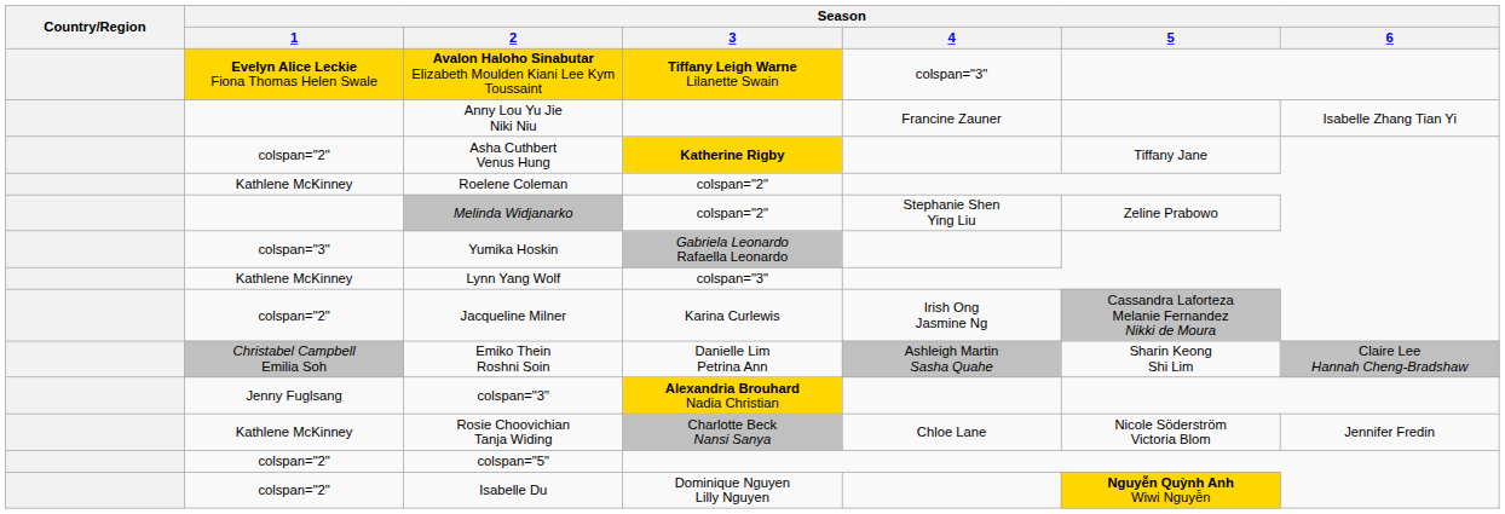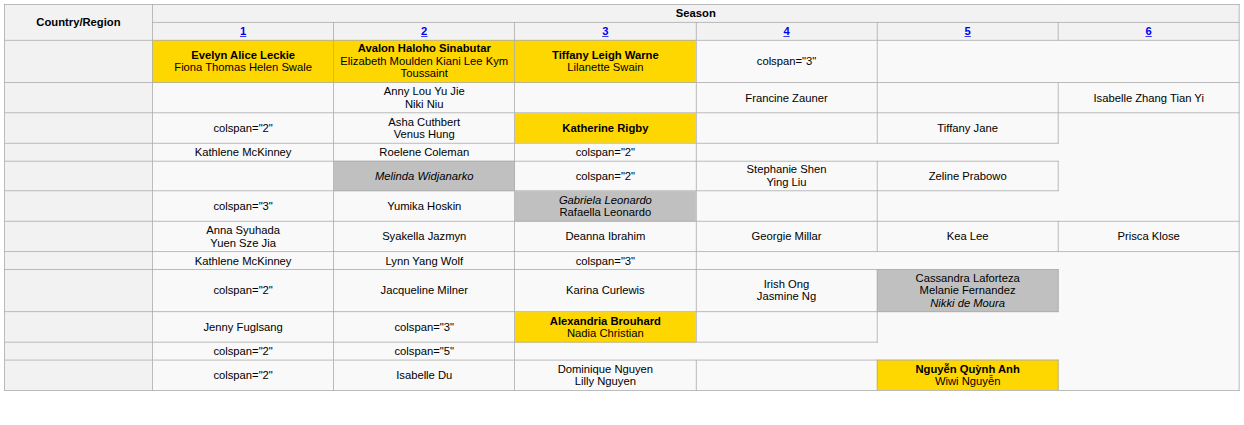 <table class="wikitable mw-collapsed mw-collapsible" style="text-align:center; width:100%; font-size:90%">
 <tr>
 <th rowspan="2" style="width:12%;">Country/Region</th>
 <th colspan="6" style="width:88%;">Season</th>
 </tr>
 <tr>
 <th style="width:14.67%;"><a href='#'>1</a></th>
 <th style="width:14.67%;"><a href='#'>2</a></th>
 <th style="width:14.67%;"><a href='#'>3</a></th>
 <th style="width:14.67%;"><a href='#'>4</a></th>
 <th style="width:14.67%;"><a href='#'>5</a></th>
 <th style="width:14.67%;"><a href='#'>6</a></th>
 </tr>
 <tr>
 <th style="text-align:center;"></th>
 <td style="background:gold;"><strong>Evelyn Alice Leckie</strong><br>Fiona Thomas Helen Swale</td>
 <td style="background:gold;"><strong>Avalon Haloho Sinabutar</strong><br>Elizabeth Moulden Kiani Lee Kym Toussaint</td>
 <td style="background:gold;"><strong>Tiffany Leigh Warne</strong><br>Lilanette Swain</td>
 <td>colspan="3" </td>
 </tr>
 <tr>
 <th></th>
 <td></td>
 <td>Anny Lou Yu Jie<br>Niki Niu</td>
 <td></td>
 <td>Francine Zauner</td>
 <td></td>
 <td>Isabelle Zhang Tian Yi</td>
 </tr>
 <tr>
 <th></th>
 <td>colspan="2" </td>
 <td>Asha Cuthbert<br>Venus Hung</td>
 <td style="background:gold;"><strong>Katherine Rigby</strong></td>
 <td></td>
 <td>Tiffany Jane</td>
 </tr>
 <tr>
 <th></th>
 <td>Kathlene McKinney</td>
 <td>Roelene Coleman</td>
 <td>colspan="2" </td>
 </tr>
 <tr>
 <th></th>
 <td></td>
 <td style="background:silver;"><em>Melinda Widjanarko</em></td>
 <td>colspan="2" </td>
 <td>Stephanie Shen<br>Ying Liu</td>
 <td>Zeline Prabowo</td>
 </tr>
 <tr>
 <th></th>
 <td>colspan="3" </td>
 <td>Yumika Hoskin</td>
 <td style="background:silver;"><em>Gabriela Leonardo</em><br>Rafaella Leonardo</td>
 <td></td>
 </tr>
 <tr>
 <th></th>
+<td>Anna Syuhada<br>Yuen Sze Jia</td>
+<td>Syakella Jazmyn</td>
+<td>Deanna Ibrahim</td>
+<td>Georgie Millar</td>
+<td>Kea Lee</td>
+<td>Prisca Klose</td>
+</tr>
+<tr>
+<th></th>
 <td>Kathlene McKinney</td>
 <td>Lynn Yang Wolf</td>
 <td>colspan="3" </td>
 </tr>
 <tr>
 <th></th>
 <td>colspan="2" </td>
 <td>Jacqueline Milner</td>
 <td>Karina Curlewis</td>
 <td>Irish Ong<br>Jasmine Ng</td>
 <td style="background:silver;">Cassandra Laforteza<br>Melanie Fernandez<br><em>Nikki de Moura</em></td>
 </tr>
 <tr>
 <th></th>
-<td style="background:silver;"><em>Christabel Campbell</em><br>Emilia Soh</td>
-<td>Emiko Thein<br>Roshni Soin</td>
-<td>Danielle Lim<br>Petrina Ann</td>
-<td style="background:silver;">Ashleigh Martin<br><em>Sasha Quahe</em></td>
-<td>Sharin Keong<br>Shi Lim</td>
-<td style="background:silver;">Claire Lee<br><em>Hannah Cheng-Bradshaw</em></td>
-</tr>
-<tr>
-<th></th>
 <td>Jenny Fuglsang</td>
 <td>colspan="3" </td>
 <td style="background:gold;"><strong>Alexandria Brouhard</strong><br>Nadia Christian</td>
 <td></td>
-</tr>
-<tr>
-<th></th>
-<td>Kathlene McKinney</td>
-<td>Rosie Choovichian<br>Tanja Widing</td>
-<td style="background:silver;">Charlotte Beck<br><em>Nansi Sanya</em></td>
-<td>Chloe Lane</td>
-<td>Nicole Söderström<br>Victoria Blom</td>
-<td>Jennifer Fredin</td>
 </tr>
 <tr>
 <th></th>
 <td>colspan="2" </td>
 <td>colspan="5" </td>
 </tr>
 <tr>
 <th></th>
 <td>colspan="2" </td>
 <td>Isabelle Du</td>
 <td>Dominique Nguyen<br>Lilly Nguyen</td>
 <td></td>
 <td style="background:gold;"><strong>Nguyễn Quỳnh Anh</strong><br>Wiwi Nguyễn</td>
 </tr>
 </table>
